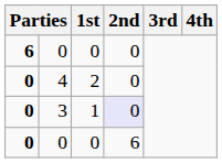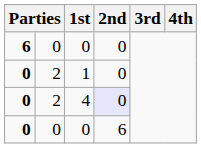 <table class="wikitable" style="text-align:right;">
 <tr>
 <th colspan=2 style="text-align:left;">Parties</th>
 <th>1st</th>
 <th>2nd</th>
 <th>3rd</th>
 <th>4th</th>
 </tr>
 <tr>
 <td><strong>6</strong></td>
 <td>0</td>
 <td>0</td>
 <td>0</td>
 </tr>
 <tr>
 <td><strong>0</strong></td>
-<td>4</td>
 <td>2</td>
+<td>1</td>
 <td>0</td>
 </tr>
 <tr>
 <td><strong>0</strong></td>
-<td>3</td>
-<td>1</td>
+<td>2</td>
+<td>4</td>
 <td style="background: lavender;">0</td>
 </tr>
 <tr>
 <td><strong>0</strong></td>
 <td>0</td>
 <td>0</td>
 <td>6</td>
 </tr>
 </table>
